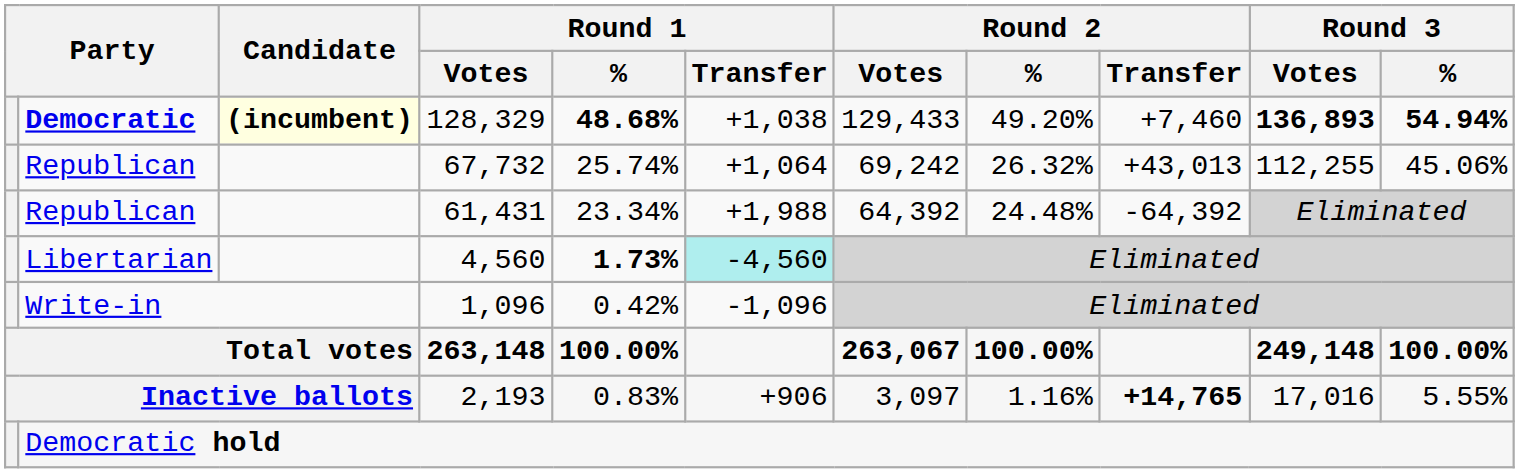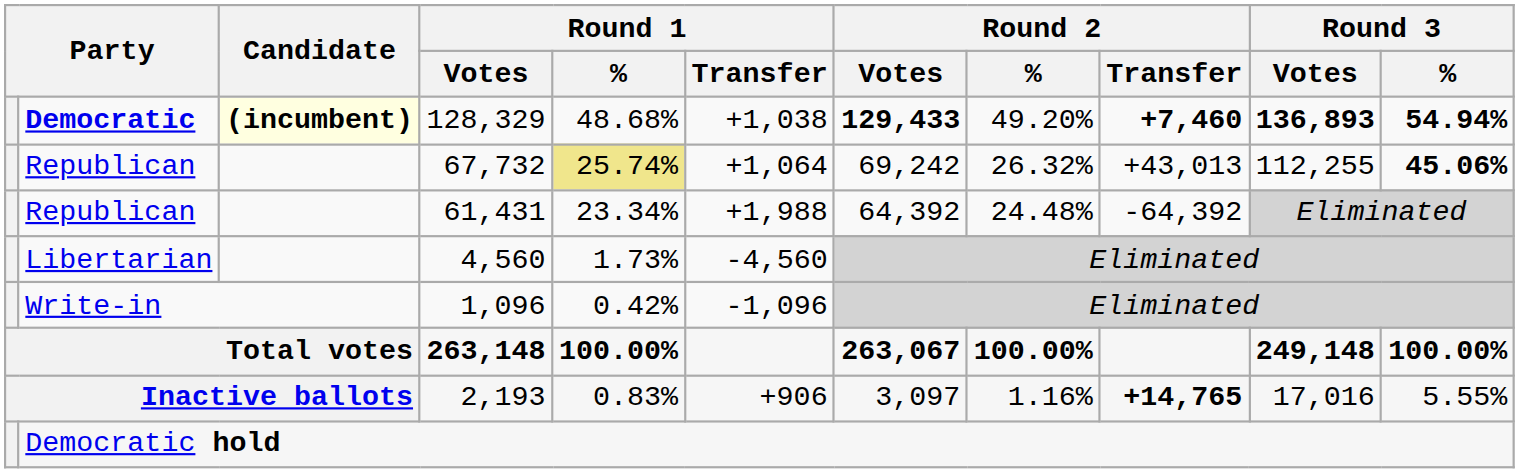 <table class="wikitable sortable" style="text-align:right">
 <tr>
 <th colspan=2 rowspan=2>Party</th>
 <th rowspan=2>Candidate</th>
 <th colspan=3>Round 1</th>
 <th colspan="3">Round 2</th>
 <th colspan=2>Round 3</th>
 </tr>
 <tr>
 <th>Votes</th>
 <th>%</th>
 <th>Transfer</th>
 <th>Votes</th>
 <th>%</th>
 <th>Transfer</th>
 <th>Votes</th>
 <th>%</th>
 </tr>
 <tr>
 <th style="background-color:"></th>
 <td style="text-align:left"><strong><a href='#'>Democratic</a></strong></td>
 <td style="background: lightyellow; text-align:left" scope="row"><strong> (incumbent)</strong></td>
 <td>128,329</td>
-<td><strong>48.68%</strong></td>
+<td>48.68%</td>
 <td>+1,038</td>
-<td>129,433</td>
+<td><strong>129,433</strong></td>
 <td>49.20%</td>
-<td>+7,460</td>
+<td><strong>+7,460</strong></td>
 <td><strong>136,893</strong></td>
 <td><strong>54.94%</strong></td>
 </tr>
 <tr>
 <th style="background-color:"></th>
 <td style="text-align:left"><a href='#'>Republican</a></td>
 <td style="text-align:left" scope="row"></td>
 <td>67,732</td>
-<td>25.74%</td>
+<td style="background: khaki;">25.74%</td>
 <td>+1,064</td>
 <td>69,242</td>
 <td>26.32%</td>
 <td>+43,013</td>
 <td>112,255</td>
-<td>45.06%</td>
+<td><strong>45.06%</strong></td>
 </tr>
 <tr>
 <th style="background-color:"></th>
 <td style="text-align:left"><a href='#'>Republican</a></td>
 <td style="text-align:left" scope="row"></td>
 <td>61,431</td>
 <td>23.34%</td>
 <td>+1,988</td>
 <td>64,392</td>
 <td>24.48%</td>
 <td>-64,392</td>
 <td colspan="2"  style="background:lightgrey; text-align:center;"><em>Eliminated</em></td>
 </tr>
 <tr>
 <th style="background-color:"></th>
 <td style="text-align:left"><a href='#'>Libertarian</a></td>
 <td style="text-align:left" scope="row"></td>
 <td>4,560</td>
-<td><strong>1.73%</strong></td>
-<td style="background: paleturquoise;">-4,560</td>
+<td>1.73%</td>
+<td>-4,560</td>
 <td colspan="5" style="background:lightgrey; text-align:center;"><em>Eliminated</em></td>
 </tr>
 <tr>
 <th style="background-color:"></th>
 <td style="text-align:left" colspan=2><a href='#'>Write-in</a></td>
 <td>1,096</td>
 <td>0.42%</td>
 <td>-1,096</td>
 <td colspan="5" style="background:lightgrey; text-align:center;"><em>Eliminated</em></td>
 </tr>
 <tr class="sortbottom" style="background-color:#F6F6F6">
 <th colspan=3 scope="row" style="text-align:right;"><strong>Total votes</strong></th>
 <td><strong>263,148</strong></td>
 <td><strong>100.00%</strong></td>
 <td></td>
 <td><strong>263,067</strong></td>
 <td><strong>100.00%</strong></td>
 <td></td>
 <td><strong>249,148</strong></td>
 <td><strong>100.00%</strong></td>
 </tr>
 <tr class="sortbottom" style="background-color:#F6F6F6">
 <th colspan=3 scope="row" style="text-align:right;"><a href='#'>Inactive ballots</a></th>
 <td>2,193</td>
 <td>0.83%</td>
 <td>+906</td>
 <td>3,097</td>
 <td>1.16%</td>
 <td><strong>+14,765</strong></td>
 <td>17,016</td>
 <td>5.55%</td>
 </tr>
 <tr class="sortbottom" style="background:#f6f6f6;">
 <th style="background-color:"></th>
 <td colspan="11" style="text-align:left"><a href='#'>Democratic</a> <strong>hold</strong></td>
 </tr>
 </table>
